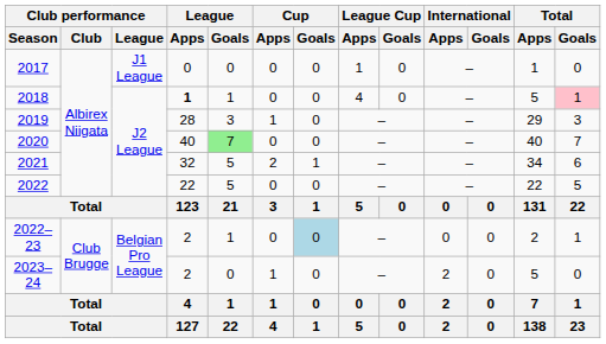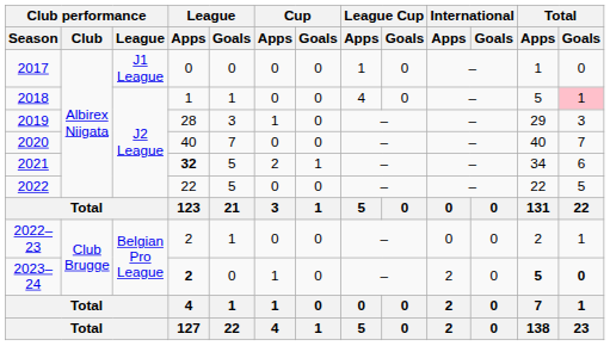 <table class="wikitable" style="text-align:center;">
 <tr>
 <th colspan=3>Club performance</th>
 <th colspan=2>League</th>
 <th colspan=2>Cup</th>
 <th colspan=2>League Cup</th>
 <th colspan="2">International</th>
 <th colspan="2">Total</th>
 </tr>
 <tr>
 <th>Season</th>
 <th>Club</th>
 <th>League</th>
 <th>Apps</th>
 <th>Goals</th>
 <th>Apps</th>
 <th>Goals</th>
 <th>Apps</th>
 <th>Goals</th>
 <th>Apps</th>
 <th>Goals</th>
 <th>Apps</th>
 <th>Goals</th>
 </tr>
 <tr>
 <td><a href='#'>2017</a></td>
 <td rowspan="6"><a href='#'>Albirex Niigata</a></td>
 <td><a href='#'>J1 League</a></td>
 <td>0</td>
 <td>0</td>
 <td>0</td>
 <td>0</td>
 <td>1</td>
 <td>0</td>
 <td colspan="2">–</td>
 <td>1</td>
 <td>0</td>
 </tr>
 <tr>
 <td><a href='#'>2018</a></td>
 <td rowspan="5"><a href='#'>J2 League</a></td>
-<td><strong>1</strong></td>
+<td>1</td>
 <td>1</td>
 <td>0</td>
 <td>0</td>
 <td>4</td>
 <td>0</td>
 <td colspan="2">–</td>
 <td>5</td>
 <td style="background: pink;">1</td>
 </tr>
 <tr>
 <td><a href='#'>2019</a></td>
 <td>28</td>
 <td>3</td>
 <td>1</td>
 <td>0</td>
 <td colspan="2">–</td>
 <td colspan="2">–</td>
 <td>29</td>
 <td>3</td>
 </tr>
 <tr>
 <td><a href='#'>2020</a></td>
 <td>40</td>
-<td style="background: lightgreen;">7</td>
+<td>7</td>
 <td>0</td>
 <td>0</td>
 <td colspan="2">–</td>
 <td colspan="2">–</td>
 <td>40</td>
 <td>7</td>
 </tr>
 <tr>
 <td><a href='#'>2021</a></td>
-<td>32</td>
+<td><strong>32</strong></td>
 <td>5</td>
 <td>2</td>
 <td>1</td>
 <td colspan="2">–</td>
 <td colspan="2">–</td>
 <td>34</td>
 <td>6</td>
 </tr>
 <tr>
 <td><a href='#'>2022</a></td>
 <td>22</td>
 <td>5</td>
 <td>0</td>
 <td>0</td>
 <td colspan="2">–</td>
 <td colspan="2">–</td>
 <td>22</td>
 <td>5</td>
 </tr>
 <tr>
 <th colspan="3">Total</th>
 <th>123</th>
 <th>21</th>
 <th>3</th>
 <th>1</th>
 <th>5</th>
 <th>0</th>
 <th>0</th>
 <th>0</th>
 <th>131</th>
 <th>22</th>
 </tr>
 <tr>
 <td><a href='#'>2022–23</a></td>
 <td rowspan="2"><a href='#'>Club Brugge</a></td>
 <td rowspan="2"><a href='#'>Belgian Pro League</a></td>
 <td>2</td>
 <td>1</td>
 <td>0</td>
-<td style="background: lightblue;">0</td>
+<td>0</td>
 <td colspan="2">–</td>
 <td>0</td>
 <td>0</td>
 <td>2</td>
 <td>1</td>
 </tr>
 <tr>
 <td><a href='#'>2023–24</a></td>
-<td>2</td>
+<td><strong>2</strong></td>
 <td>0</td>
 <td>1</td>
 <td>0</td>
 <td colspan="2">–</td>
 <td>2</td>
 <td>0</td>
-<td>5</td>
-<td>0</td>
+<td><strong>5</strong></td>
+<td><strong>0</strong></td>
 </tr>
 <tr>
 <th colspan=3>Total</th>
 <th>4</th>
 <th>1</th>
 <th>1</th>
 <th>0</th>
 <th>0</th>
 <th>0</th>
 <th>2</th>
 <th>0</th>
 <th>7</th>
 <th>1</th>
 </tr>
 <tr>
 <th colspan=3>Total</th>
 <th>127</th>
 <th>22</th>
 <th>4</th>
 <th>1</th>
 <th>5</th>
 <th>0</th>
 <th>2</th>
 <th>0</th>
 <th>138</th>
 <th>23</th>
 </tr>
 </table>
